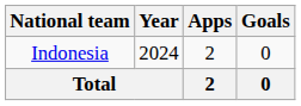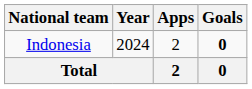 <table class="wikitable" style="text-align:center">
 <tr>
 <th>National team</th>
 <th>Year</th>
 <th>Apps</th>
 <th>Goals</th>
 </tr>
 <tr>
 <td><a href='#'>Indonesia</a></td>
 <td>2024</td>
 <td>2</td>
-<td>0</td>
+<td><strong>0</strong></td>
 </tr>
 <tr>
 <th colspan=2>Total</th>
 <th>2</th>
 <th>0</th>
 </tr>
 </table>
